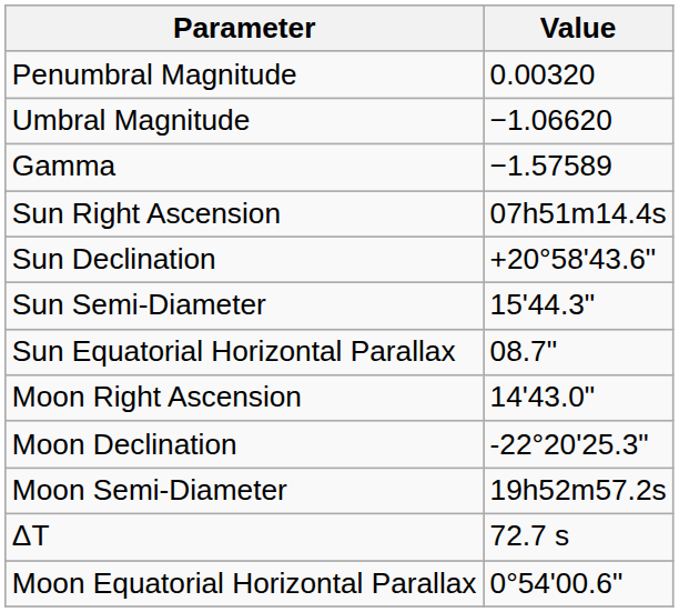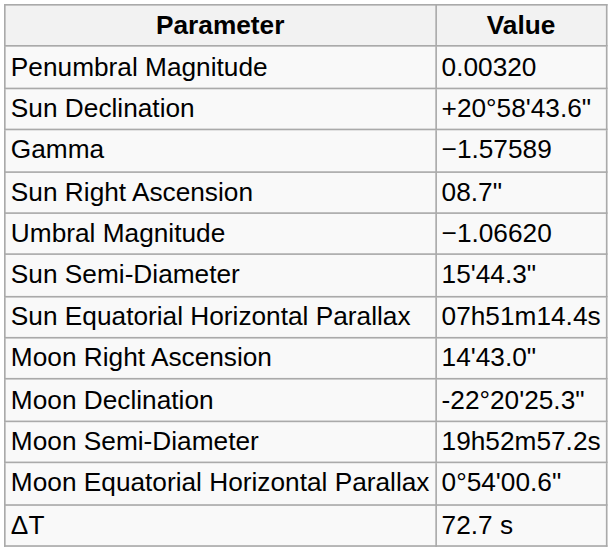 <table class="wikitable">
 <tr>
 <th>Parameter</th>
 <th>Value</th>
 </tr>
 <tr>
 <td>Penumbral Magnitude</td>
 <td>0.00320</td>
 </tr>
 <tr>
-<td>Umbral Magnitude</td>
-<td>−1.06620</td>
+<td>Sun Declination</td>
+<td>+20°58'43.6"</td>
 </tr>
 <tr>
 <td>Gamma</td>
 <td>−1.57589</td>
 </tr>
 <tr>
 <td>Sun Right Ascension</td>
-<td>07h51m14.4s</td>
+<td>08.7"</td>
 </tr>
 <tr>
-<td>Sun Declination</td>
-<td>+20°58'43.6"</td>
+<td>Umbral Magnitude</td>
+<td>−1.06620</td>
 </tr>
 <tr>
 <td>Sun Semi-Diameter</td>
 <td>15'44.3"</td>
 </tr>
 <tr>
 <td>Sun Equatorial Horizontal Parallax</td>
-<td>08.7"</td>
+<td>07h51m14.4s</td>
 </tr>
 <tr>
 <td>Moon Right Ascension</td>
 <td>14'43.0"</td>
 </tr>
 <tr>
 <td>Moon Declination</td>
 <td>-22°20'25.3"</td>
 </tr>
 <tr>
 <td>Moon Semi-Diameter</td>
 <td>19h52m57.2s</td>
 </tr>
 <tr>
+<td>Moon Equatorial Horizontal Parallax</td>
+<td>0°54'00.6"</td>
+</tr>
+<tr>
 <td>ΔT</td>
 <td>72.7 s</td>
 </tr>
-<tr>
-<td>Moon Equatorial Horizontal Parallax</td>
-<td>0°54'00.6"</td>
-</tr>
 </table>
